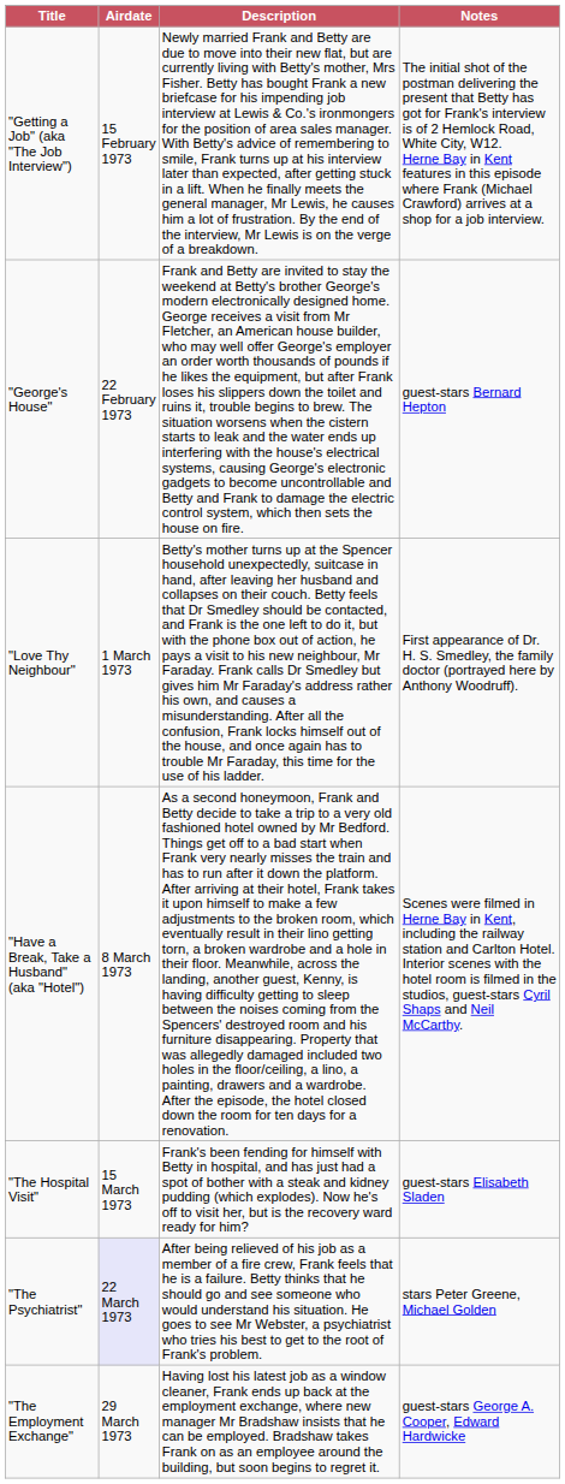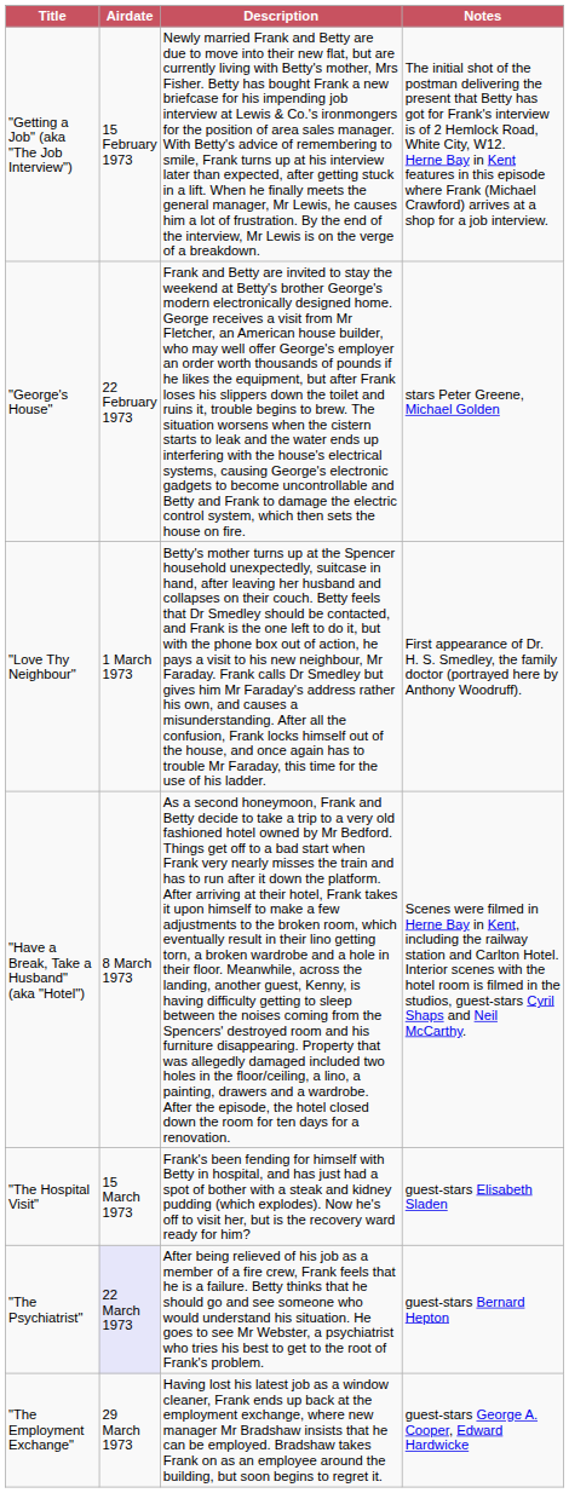 <table class="wikitable" width=100% border=1 style="font-size: 95%">
 <tr>
 </tr>
 <tr style="color:#fff;">
 <th style="background:#C85260" width=17%>Title</th>
 <th style="background:#C85260" width=8%>Airdate</th>
 <th style="background:#C85260" width=45%>Description</th>
 <th style="background:#C85260" width=30%>Notes</th>
 </tr>
 <tr>
 <td>"Getting a Job" (aka "The Job Interview")</td>
 <td>15 February 1973</td>
 <td>Newly married Frank and Betty are due to move into their new flat, but are currently living with Betty's mother, Mrs Fisher. Betty has bought Frank a new briefcase for his impending job interview at Lewis & Co.'s ironmongers for the position of area sales manager. With Betty's advice of remembering to smile, Frank turns up at his interview later than expected, after getting stuck in a lift. When he finally meets the general manager, Mr Lewis, he causes him a lot of frustration. By the end of the interview, Mr Lewis is on the verge of a breakdown.</td>
 <td>The initial shot of the postman delivering the present that Betty has got for Frank's interview is of 2 Hemlock Road, White City, W12.<br><a href='#'>Herne Bay</a> in <a href='#'>Kent</a> features in this episode where Frank (Michael Crawford) arrives at a shop for a job interview.</td>
 </tr>
 <tr>
 <td>"George's House"</td>
 <td>22 February 1973</td>
 <td>Frank and Betty are invited to stay the weekend at Betty's brother George's modern electronically designed home. George receives a visit from Mr Fletcher, an American house builder, who may well offer George's employer an order worth thousands of pounds if he likes the equipment, but after Frank loses his slippers down the toilet and ruins it, trouble begins to brew. The situation worsens when the cistern starts to leak and the water ends up interfering with the house's electrical systems, causing George's electronic gadgets to become uncontrollable and Betty and Frank to damage the electric control system, which then sets the house on fire.</td>
-<td>guest-stars <a href='#'>Bernard Hepton</a></td>
+<td>stars Peter Greene, <a href='#'>Michael Golden</a></td>
 </tr>
 <tr>
 <td>"Love Thy Neighbour"</td>
 <td>1 March 1973</td>
 <td>Betty's mother turns up at the Spencer household unexpectedly, suitcase in hand, after leaving her husband and collapses on their couch. Betty feels that Dr Smedley should be contacted, and Frank is the one left to do it, but with the phone box out of action, he pays a visit to his new neighbour, Mr Faraday. Frank calls Dr Smedley but gives him Mr Faraday's address rather his own, and causes a misunderstanding. After all the confusion, Frank locks himself out of the house, and once again has to trouble Mr Faraday, this time for the use of his ladder.</td>
 <td>First appearance of Dr. H. S. Smedley, the family doctor (portrayed here by Anthony Woodruff).</td>
 </tr>
 <tr>
 <td>"Have a Break, Take a Husband" (aka "Hotel")</td>
 <td>8 March 1973</td>
 <td>As a second honeymoon, Frank and Betty decide to take a trip to a very old fashioned hotel owned by Mr Bedford. Things get off to a bad start when Frank very nearly misses the train and has to run after it down the platform. After arriving at their hotel, Frank takes it upon himself to make a few adjustments to the broken room, which eventually result in their lino getting torn, a broken wardrobe and a hole in their floor. Meanwhile, across the landing, another guest, Kenny, is having difficulty getting to sleep between the noises coming from the Spencers' destroyed room and his furniture disappearing. Property that was allegedly damaged included two holes in the floor/ceiling, a lino, a painting, drawers and a wardrobe. After the episode, the hotel closed down the room for ten days for a renovation.</td>
 <td>Scenes were filmed in <a href='#'>Herne Bay</a> in <a href='#'>Kent</a>, including the railway station and Carlton Hotel. Interior scenes with the hotel room is filmed in the studios, guest-stars <a href='#'>Cyril Shaps</a> and <a href='#'>Neil McCarthy</a>.</td>
 </tr>
 <tr>
 <td>"The Hospital Visit"</td>
 <td>15 March 1973</td>
 <td>Frank's been fending for himself with Betty in hospital, and has just had a spot of bother with a steak and kidney pudding (which explodes). Now he's off to visit her, but is the recovery ward ready for him?</td>
 <td>guest-stars <a href='#'>Elisabeth Sladen</a></td>
 </tr>
 <tr>
 <td>"The Psychiatrist"</td>
 <td style="background: lavender;">22 March 1973</td>
 <td>After being relieved of his job as a member of a fire crew, Frank feels that he is a failure. Betty thinks that he should go and see someone who would understand his situation. He goes to see Mr Webster, a psychiatrist who tries his best to get to the root of Frank's problem.</td>
-<td>stars Peter Greene, <a href='#'>Michael Golden</a></td>
+<td>guest-stars <a href='#'>Bernard Hepton</a></td>
 </tr>
 <tr>
 <td>"The Employment Exchange"</td>
 <td>29 March 1973</td>
 <td>Having lost his latest job as a window cleaner, Frank ends up back at the employment exchange, where new manager Mr Bradshaw insists that he can be employed. Bradshaw takes Frank on as an employee around the building, but soon begins to regret it.</td>
 <td>guest-stars <a href='#'>George A. Cooper</a>, <a href='#'>Edward Hardwicke</a></td>
 </tr>
 </table>
